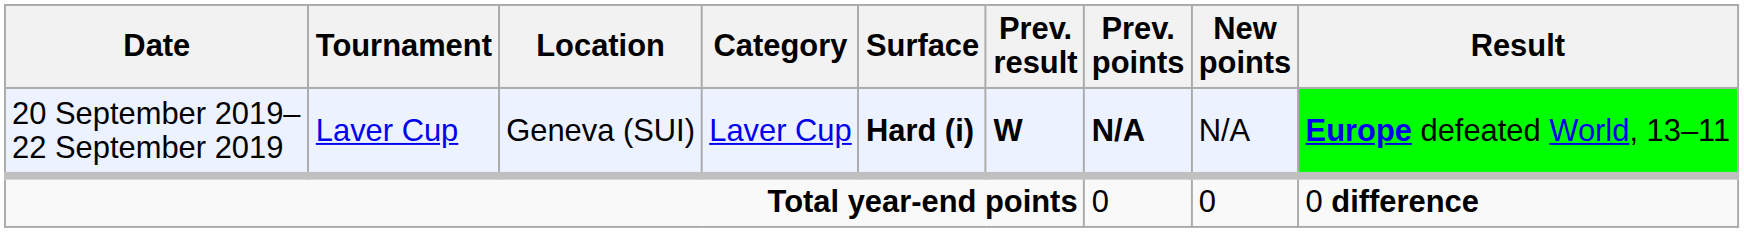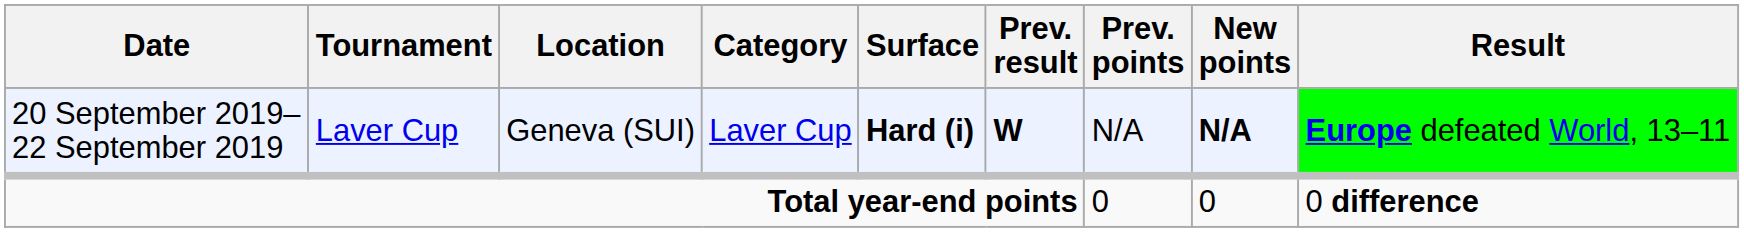 <table class="wikitable" style="text-align:left">
 <tr>
 <th style="width:150px">Date</th>
 <th>Tournament</th>
 <th>Location</th>
 <th>Category</th>
 <th>Surface</th>
 <th>Prev.<br>result</th>
 <th>Prev.<br>points</th>
 <th>New<br>points</th>
 <th>Result</th>
 </tr>
 <tr style="background:#ECF2FF;">
 <td>20 September 2019–<br>22 September 2019</td>
 <td><a href='#'>Laver Cup</a></td>
 <td>Geneva (SUI)</td>
 <td><a href='#'>Laver Cup</a></td>
 <td><strong>Hard (i)</strong></td>
 <td><strong>W</strong></td>
+<td>N/A</td>
 <td><strong>N/A</strong></td>
-<td>N/A</td>
 <td style="background:lime;"><strong> <a href='#'>Europe</a></strong> defeated  <a href='#'>World</a>, 13–11</td>
 </tr>
 <tr style="border-top:4px solid silver;">
 <td colspan=6 align=right><strong>Total year-end points</strong></td>
 <td>0</td>
 <td>0</td>
 <td> 0 <strong>difference</strong></td>
 </tr>
 </table>
